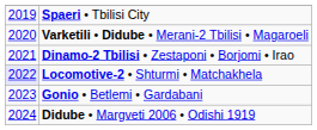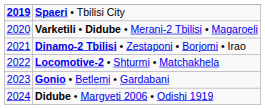 <table class="wikitable">
 <tr>
 </tr>
 <tr>
-<td><a href='#'>2019</a></td>
+<td><strong><a href='#'>2019</a></strong></td>
 <td><strong><a href='#'>Spaeri</a></strong> • Tbilisi City</td>
 </tr>
 <tr>
 <td><a href='#'>2020</a></td>
 <td><strong>Varketili</strong> • <strong>Didube</strong> • <a href='#'>Merani-2 Tbilisi</a> • <a href='#'>Magaroeli</a></td>
 </tr>
 <tr>
 <td><a href='#'>2021</a></td>
 <td><strong><a href='#'>Dinamo-2 Tbilisi</a></strong> • <a href='#'> Zestaponi</a> • <a href='#'>Borjomi</a> • Irao</td>
 </tr>
 <tr>
-<td style="background: lavender;"><a href='#'>2022</a></td>
+<td><a href='#'>2022</a></td>
 <td><strong><a href='#'>Locomotive-2</a></strong> • <a href='#'>Shturmi</a> • <a href='#'>Matchakhela</a></td>
 </tr>
 <tr>
 <td><a href='#'>2023</a></td>
 <td><strong><a href='#'>Gonio</a></strong> • <a href='#'>Betlemi</a> • <a href='#'>Gardabani</a></td>
 </tr>
 <tr>
 <td><a href='#'>2024</a></td>
 <td><strong>Didube</strong> • <a href='#'>Margveti 2006</a> • <a href='#'>Odishi 1919</a></td>
 </tr>
 </table>
